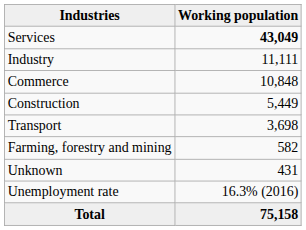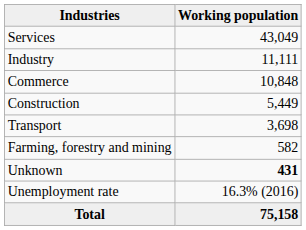 <table class="wikitable">
 <tr>
 <th style="background:#efefef;">Industries</th>
 <th style="background:#efefef;">Working population</th>
 </tr>
 <tr>
 <td>Services</td>
-<td style="text-align: right;"><strong>43,049</strong></td>
+<td style="text-align: right;">43,049</td>
 </tr>
 <tr>
 <td>Industry</td>
 <td style="text-align: right;">11,111</td>
 </tr>
 <tr>
 <td>Commerce</td>
 <td style="text-align: right;">10,848</td>
 </tr>
 <tr>
 <td>Construction</td>
 <td style="text-align: right;">5,449</td>
 </tr>
 <tr>
 <td>Transport</td>
 <td style="text-align: right;">3,698</td>
 </tr>
 <tr>
 <td>Farming, forestry and mining</td>
 <td style="text-align: right;">582</td>
 </tr>
 <tr>
 <td>Unknown</td>
-<td style="text-align: right;">431</td>
+<td style="text-align: right;"><strong>431</strong></td>
 </tr>
 <tr>
 <td>Unemployment rate</td>
 <td style="text-align: right;">16.3% (2016)</td>
 </tr>
 <tr>
 <th style="background:#efefef;">Total</th>
 <th style="background:#efefef; text-align: right;">75,158</th>
 </tr>
 </table>
